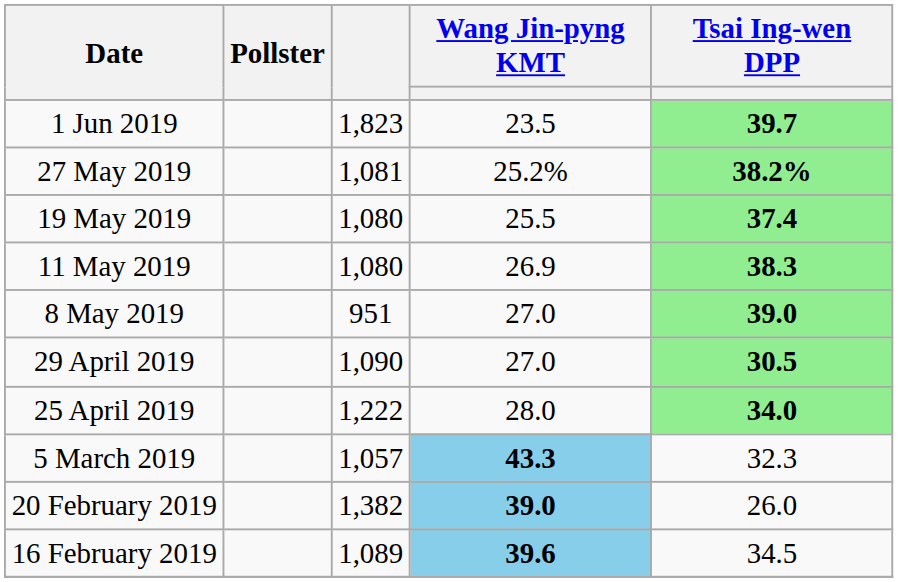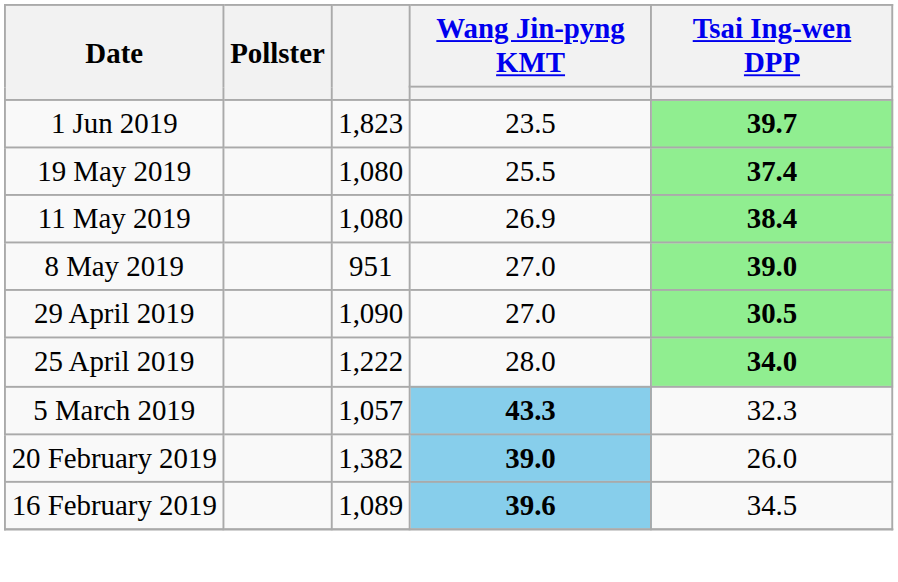 <table class="wikitable sortable collapsible" style="font-size:95%; text-align:center">
 <tr>
 <th rowspan=2>Date</th>
 <th rowspan=2>Pollster</th>
 <th rowspan=2></th>
 <th width=120px><a href='#'>Wang Jin-pyng</a><br><a href='#'>KMT</a></th>
 <th width=120px><a href='#'>Tsai Ing-wen</a><br><a href='#'>DPP</a></th>
 </tr>
 <tr>
 <th style="background:"></th>
 <th style="background:"></th>
 </tr>
 <tr>
 <td>1 Jun 2019</td>
 <td></td>
 <td>1,823</td>
 <td>23.5</td>
 <td style="background-color:lightgreen;"><strong>39.7</strong></td>
 </tr>
 <tr>
-<td>27 May 2019</td>
-<td></td>
-<td>1,081</td>
-<td>25.2%</td>
-<td bgcolor="#90ee90"><strong>38.2%</strong></td>
-</tr>
-<tr>
 <td>19 May 2019</td>
 <td></td>
 <td>1,080</td>
 <td>25.5</td>
 <td style="background-color:lightgreen;"><strong>37.4</strong></td>
 </tr>
 <tr>
 <td>11 May 2019</td>
 <td></td>
 <td>1,080</td>
 <td>26.9</td>
-<td style="background-color:lightgreen;"><strong>38.3</strong></td>
+<td style="background-color:lightgreen;"><strong>38.4</strong></td>
 </tr>
 <tr>
 <td>8 May 2019</td>
 <td></td>
 <td>951</td>
 <td>27.0</td>
 <td style="background-color:lightgreen;"><strong>39.0</strong></td>
 </tr>
 <tr>
 <td>29 April 2019</td>
 <td></td>
 <td>1,090</td>
 <td>27.0</td>
 <td style="background-color:lightgreen;"><strong>30.5</strong></td>
 </tr>
 <tr>
 <td>25 April 2019</td>
 <td></td>
 <td>1,222</td>
 <td>28.0</td>
 <td style="background-color:lightgreen;"><strong>34.0</strong></td>
 </tr>
 <tr>
 <td>5 March 2019</td>
 <td></td>
 <td>1,057</td>
 <td style="background-color:skyblue;"><strong>43.3</strong></td>
 <td>32.3</td>
 </tr>
 <tr>
 <td>20 February 2019</td>
 <td></td>
 <td>1,382</td>
 <td style="background-color:skyblue;"><strong>39.0</strong></td>
 <td>26.0</td>
 </tr>
 <tr>
 <td>16 February 2019</td>
 <td></td>
 <td>1,089</td>
 <td style="background-color:skyblue;"><strong>39.6</strong></td>
 <td>34.5</td>
 </tr>
 <tr>
 </tr>
 </table>
